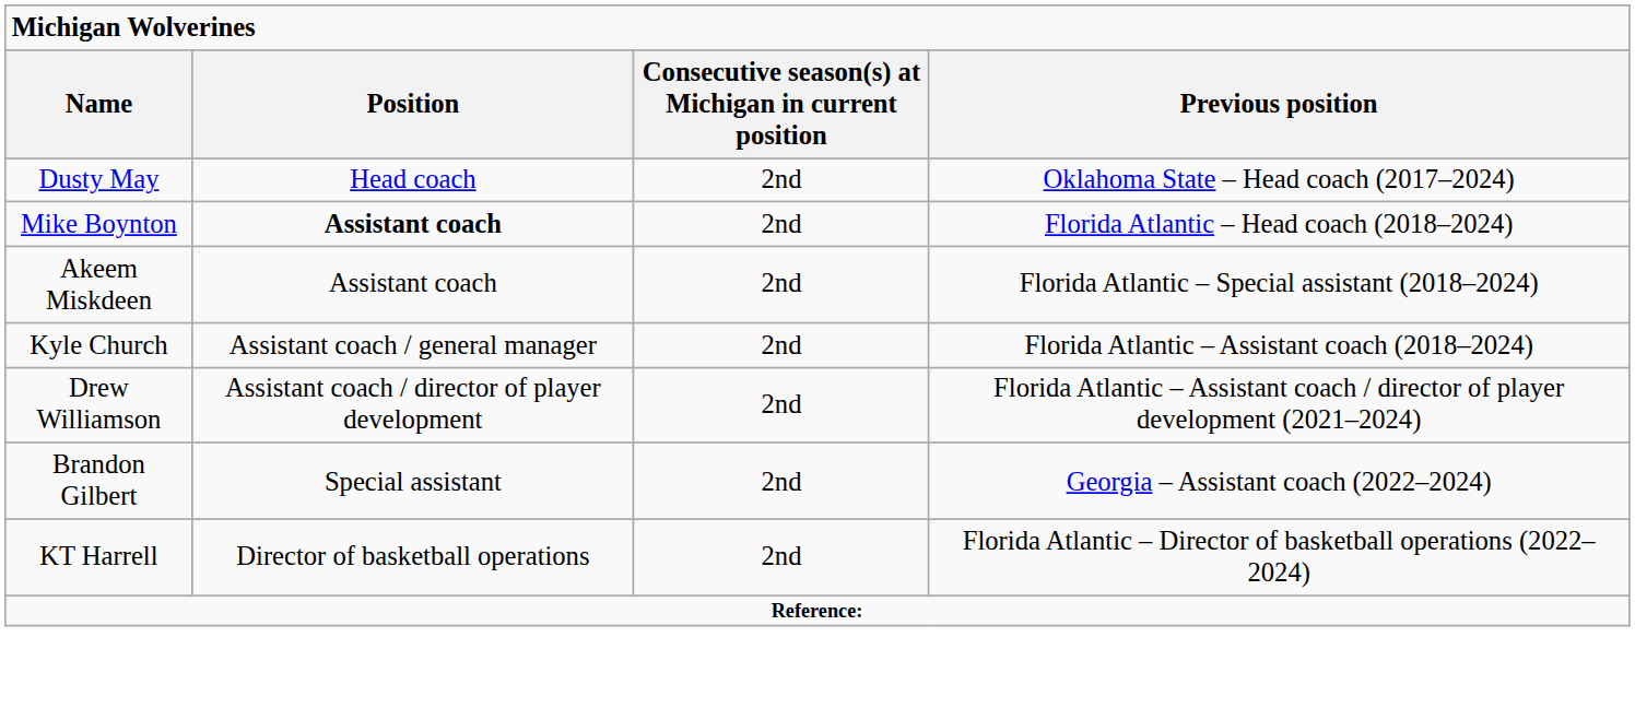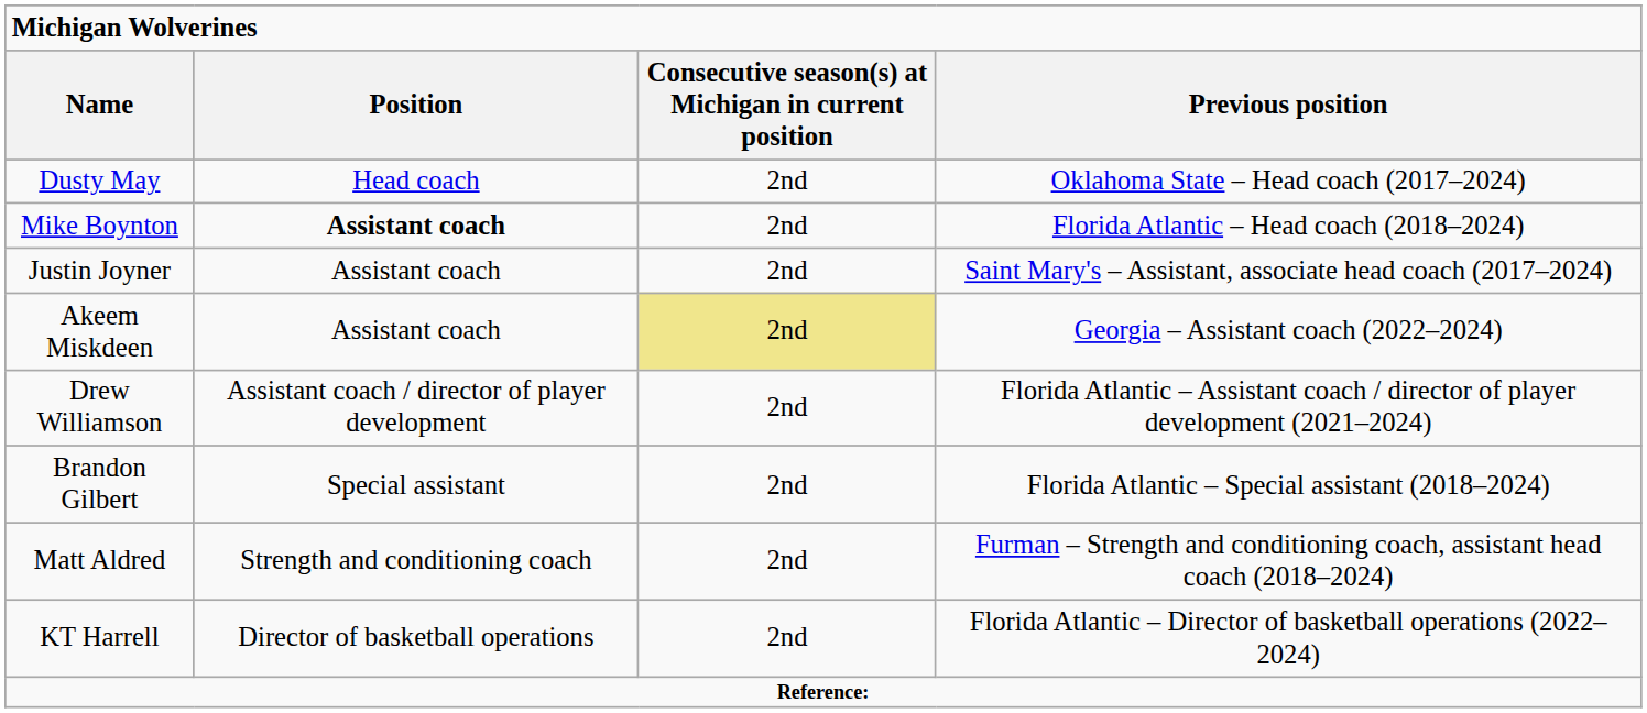 <table class="wikitable" style="font-size:90%;">
 <tr>
 <td colspan=4><strong>Michigan Wolverines</strong></td>
 </tr>
 <tr align="center";>
 <th>Name</th>
 <th>Position</th>
 <th>Consecutive season(s) at<br>Michigan in current position</th>
 <th>Previous position</th>
 </tr>
 <tr align="center";>
 <td><a href='#'>Dusty May</a></td>
 <td><a href='#'>Head coach</a></td>
 <td>2nd</td>
 <td><a href='#'>Oklahoma State</a> – Head coach (2017–2024)</td>
 </tr>
 <tr align="center";>
 <td><a href='#'>Mike Boynton</a></td>
 <td><strong>Assistant coach</strong></td>
 <td>2nd</td>
 <td><a href='#'>Florida Atlantic</a> – Head coach  (2018–2024)</td>
 </tr>
 <tr align="center";>
+<td>Justin Joyner</td>
+<td>Assistant coach</td>
+<td>2nd</td>
+<td><a href='#'>Saint Mary's</a> – Assistant, associate head coach (2017–2024)</td>
+</tr>
+<tr align="center";>
 <td>Akeem Miskdeen</td>
 <td>Assistant coach</td>
-<td>2nd</td>
-<td>Florida Atlantic  – Special assistant (2018–2024)</td>
-</tr>
-<tr align="center" ;>
-<td>Kyle Church</td>
-<td>Assistant coach / general manager</td>
-<td>2nd</td>
-<td>Florida Atlantic – Assistant coach (2018–2024)</td>
+<td style="background: khaki;">2nd</td>
+<td><a href='#'>Georgia</a> – Assistant coach (2022–2024)</td>
 </tr>
 <tr align="center";>
 <td>Drew Williamson</td>
 <td>Assistant coach / director of player development</td>
 <td>2nd</td>
 <td>Florida Atlantic – Assistant coach / director of player development (2021–2024)</td>
 </tr>
 <tr align="center";>
 <td>Brandon Gilbert</td>
 <td>Special assistant</td>
 <td>2nd</td>
-<td><a href='#'>Georgia</a> – Assistant coach (2022–2024)</td>
+<td>Florida Atlantic  – Special assistant (2018–2024)</td>
+</tr>
+<tr align="center";>
+<td>Matt Aldred</td>
+<td>Strength and conditioning coach</td>
+<td>2nd</td>
+<td><a href='#'>Furman</a> – Strength and conditioning coach, assistant head coach (2018–2024)</td>
 </tr>
 <tr align="center";>
 <td>KT Harrell</td>
 <td>Director of basketball operations</td>
 <td>2nd</td>
 <td>Florida Atlantic  – Director of basketball operations (2022–2024)</td>
 </tr>
 <tr>
 <td colspan="4" style="font-size:8pt; text-align:center;"><strong>Reference:</strong></td>
 </tr>
 </table>
